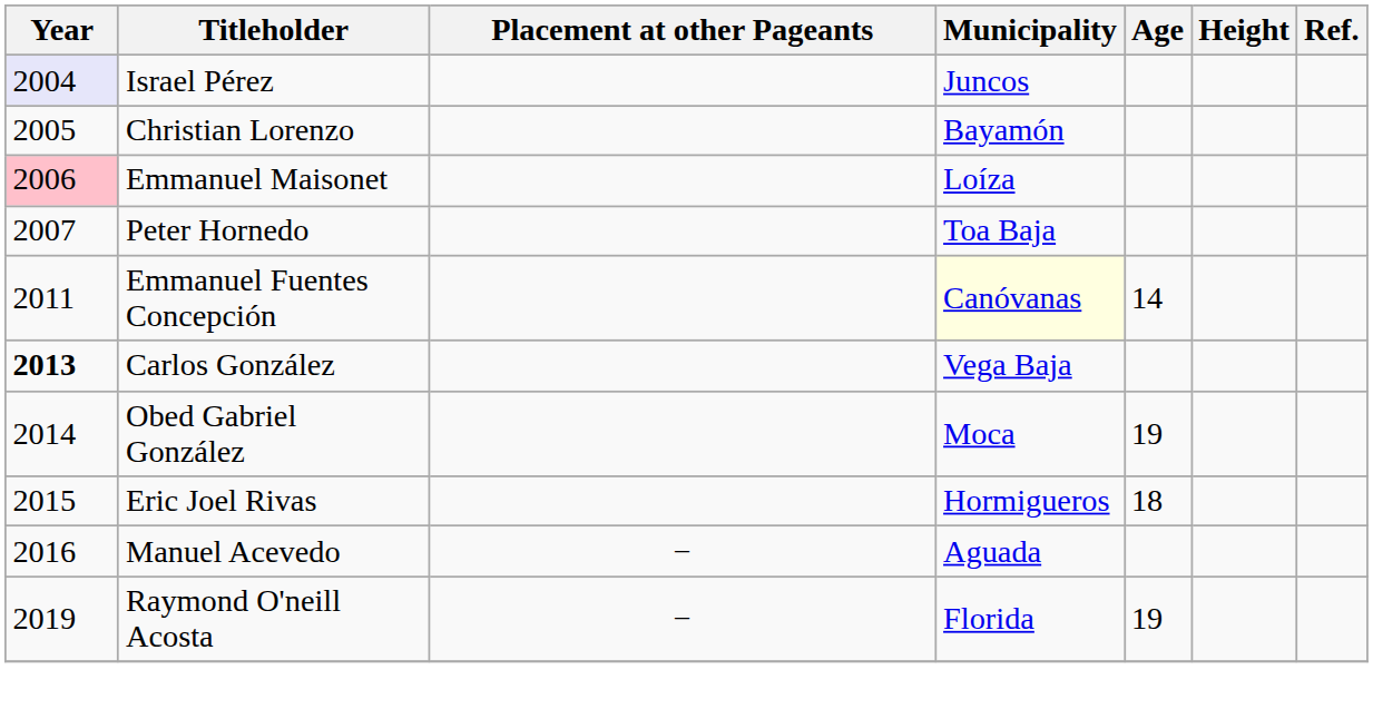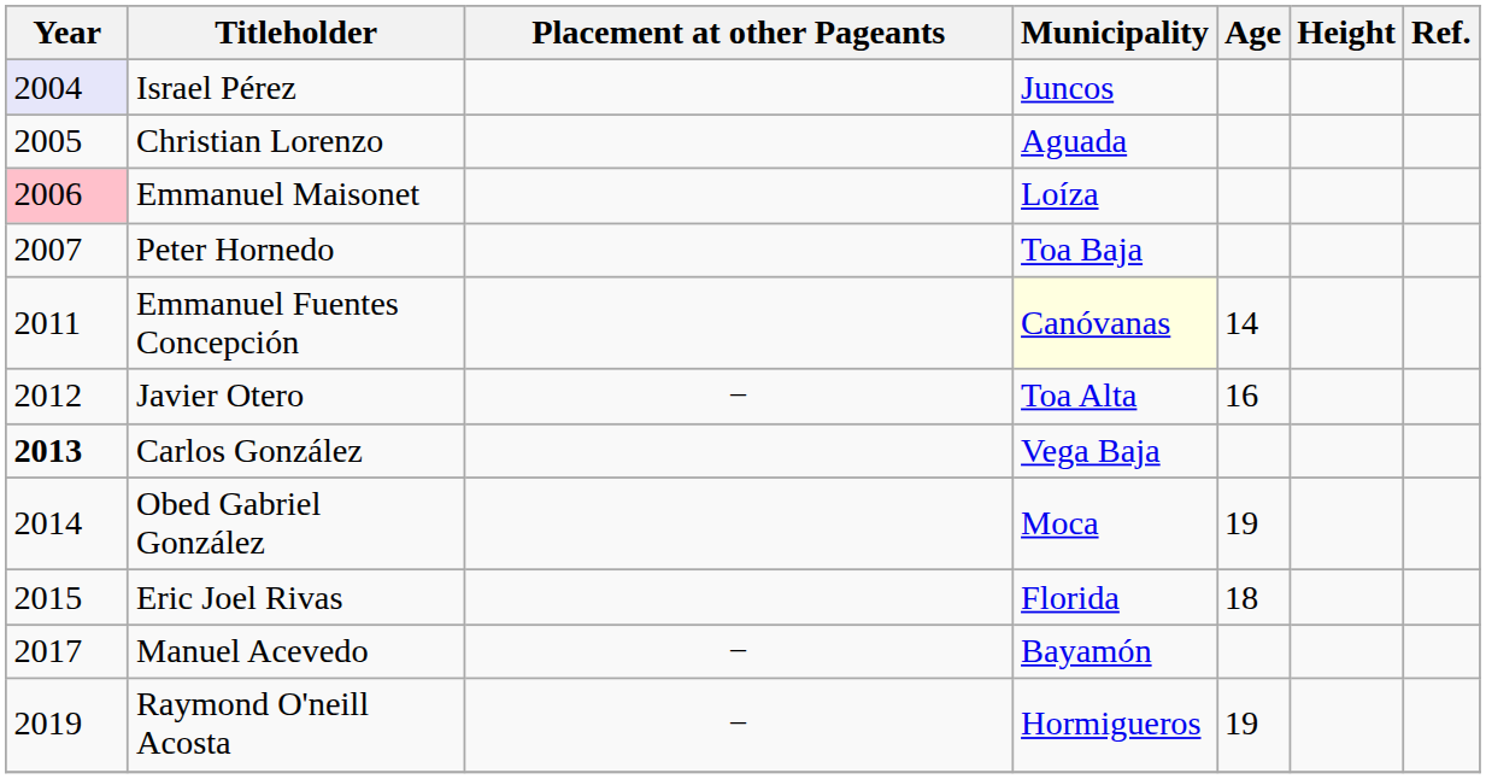 <table class="wikitable">
 <tr>
 <th width="50">Year</th>
 <th width="150">Titleholder</th>
 <th width="250">Placement at other Pageants</th>
 <th>Municipality</th>
 <th>Age</th>
 <th>Height</th>
 <th>Ref.</th>
 </tr>
 <tr>
 <td style="background: lavender;">2004</td>
 <td>Israel Pérez</td>
 <td></td>
 <td><a href='#'>Juncos</a></td>
 <td></td>
 <td></td>
 <td></td>
 </tr>
 <tr>
 <td>2005</td>
 <td>Christian Lorenzo</td>
 <td></td>
-<td><a href='#'>Bayamón</a></td>
+<td><a href='#'>Aguada</a></td>
 <td></td>
 <td></td>
 <td></td>
 </tr>
 <tr>
 <td style="background: pink;">2006</td>
 <td>Emmanuel Maisonet</td>
 <td></td>
 <td><a href='#'>Loíza</a></td>
 <td></td>
 <td></td>
 <td></td>
 </tr>
 <tr>
 <td>2007</td>
 <td>Peter Hornedo</td>
 <td></td>
 <td><a href='#'>Toa Baja</a></td>
 <td></td>
 <td></td>
 <td></td>
 </tr>
 <tr>
 <td>2011</td>
 <td>Emmanuel Fuentes Concepción</td>
 <td></td>
 <td style="background: lightyellow;"><a href='#'>Canóvanas</a></td>
 <td>14</td>
 <td></td>
 <td></td>
 </tr>
 <tr>
+<td>2012</td>
+<td>Javier Otero</td>
+<td style="text-align:center;">−</td>
+<td><a href='#'>Toa Alta</a></td>
+<td>16</td>
+<td></td>
+<td></td>
+</tr>
+<tr>
 <td><strong>2013</strong></td>
 <td>Carlos González</td>
 <td></td>
 <td><a href='#'>Vega Baja</a></td>
 <td></td>
 <td></td>
 <td></td>
 </tr>
 <tr>
 <td>2014</td>
 <td>Obed Gabriel González</td>
 <td></td>
 <td><a href='#'>Moca</a></td>
 <td>19</td>
 <td></td>
 <td></td>
 </tr>
 <tr>
 <td>2015</td>
 <td>Eric Joel Rivas</td>
 <td></td>
-<td><a href='#'>Hormigueros</a></td>
+<td><a href='#'>Florida</a></td>
 <td>18</td>
 <td></td>
 <td></td>
 </tr>
 <tr>
-<td>2016</td>
+<td>2017</td>
 <td>Manuel Acevedo</td>
 <td style="text-align:center;">−</td>
-<td><a href='#'>Aguada</a></td>
+<td><a href='#'>Bayamón</a></td>
 <td></td>
 <td></td>
 <td></td>
 </tr>
 <tr>
 <td>2019</td>
 <td>Raymond O'neill Acosta</td>
 <td style="text-align:center;">−</td>
-<td><a href='#'>Florida</a></td>
+<td><a href='#'>Hormigueros</a></td>
 <td>19</td>
 <td></td>
 <td></td>
 </tr>
 <tr>
 </tr>
 </table>
